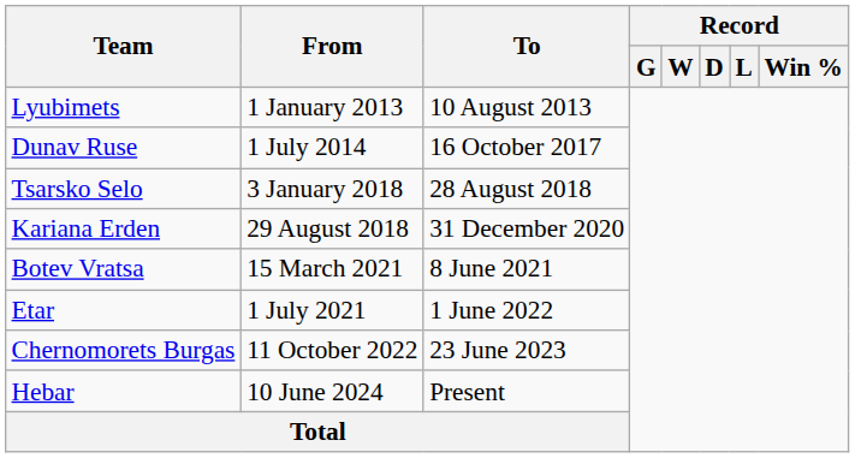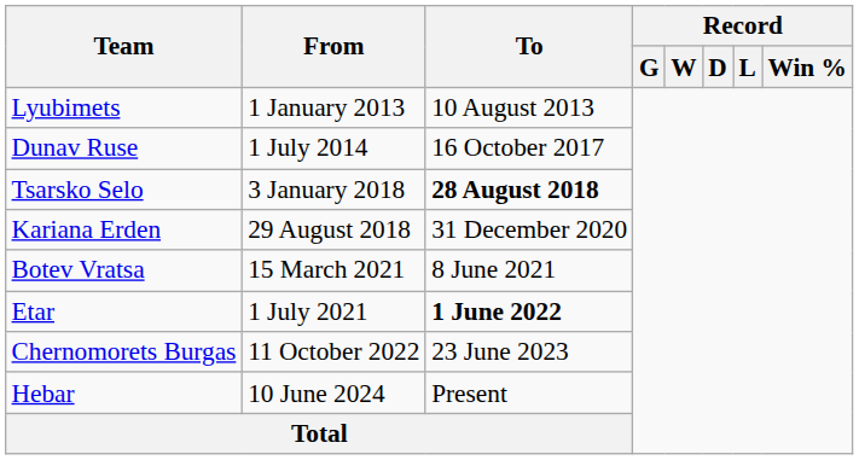 <table class="wikitable" style="text-align: center">
 <tr>
 <th rowspan=2>Team</th>
 <th rowspan=2>From</th>
 <th rowspan=2>To</th>
 <th colspan=8>Record</th>
 </tr>
 <tr>
 <th>G</th>
 <th>W</th>
 <th>D</th>
 <th>L</th>
 <th>Win %</th>
 </tr>
 <tr>
 <td align=left><a href='#'>Lyubimets</a></td>
 <td align=left>1 January 2013</td>
 <td align=left>10 August 2013<br></td>
 </tr>
 <tr>
 <td align=left><a href='#'>Dunav Ruse</a></td>
 <td align=left>1 July 2014</td>
 <td align=left>16 October 2017<br></td>
 </tr>
 <tr>
 <td align=left><a href='#'>Tsarsko Selo</a></td>
 <td align=left>3 January 2018</td>
-<td align=left>28 August 2018<br></td>
+<td align=left><strong>28 August 2018<br></strong></td>
 </tr>
 <tr>
 <td align=left><a href='#'>Kariana Erden</a></td>
 <td align=left>29 August 2018</td>
 <td align=left>31 December 2020<br></td>
 </tr>
 <tr>
 <td align=left><a href='#'>Botev Vratsa</a></td>
 <td align=left>15 March 2021</td>
 <td align=left>8 June 2021<br></td>
 </tr>
 <tr>
 <td align=left><a href='#'>Etar</a></td>
 <td align=left>1 July 2021</td>
-<td align=left>1 June 2022<br></td>
+<td align=left><strong>1 June 2022<br></strong></td>
 </tr>
 <tr>
 <td align=left><a href='#'>Chernomorets Burgas</a></td>
 <td align=left>11 October 2022</td>
 <td align=left>23 June 2023<br></td>
 </tr>
 <tr>
 <td align=left><a href='#'>Hebar</a></td>
 <td align=left>10 June 2024</td>
 <td align=left>Present<br></td>
 </tr>
 <tr>
 <th colspan=3>Total<br></th>
 </tr>
 </table>
